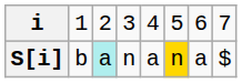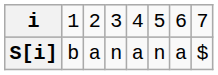 <table class="wikitable">
 <tr>
 <th>i</th>
 <td>1</td>
 <td>2</td>
 <td>3</td>
 <td>4</td>
 <td>5</td>
 <td>6</td>
 <td>7</td>
 </tr>
 <tr>
 <th>S[i]</th>
 <td>b</td>
-<td style="background: paleturquoise;">a</td>
+<td>a</td>
 <td>n</td>
 <td>a</td>
-<td style="background: gold;">n</td>
+<td>n</td>
 <td>a</td>
 <td>$</td>
 </tr>
 </table>
